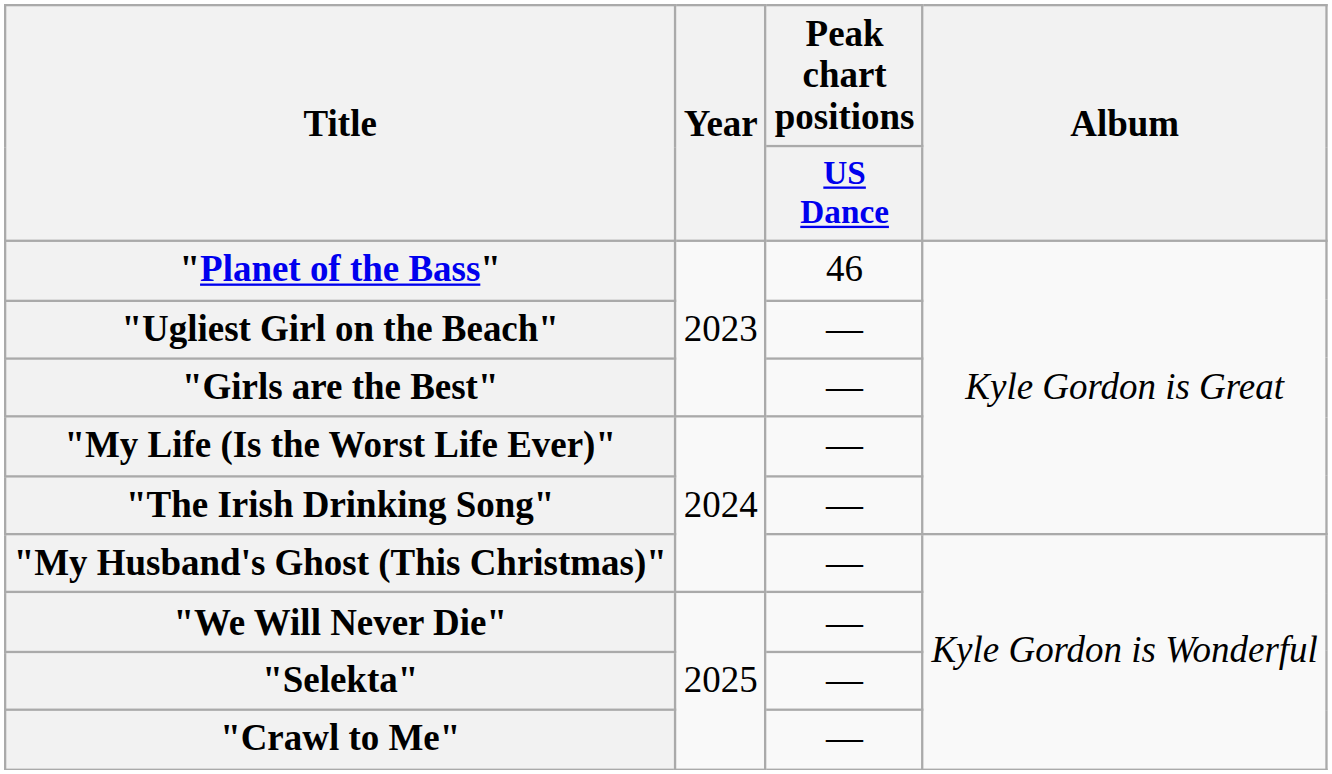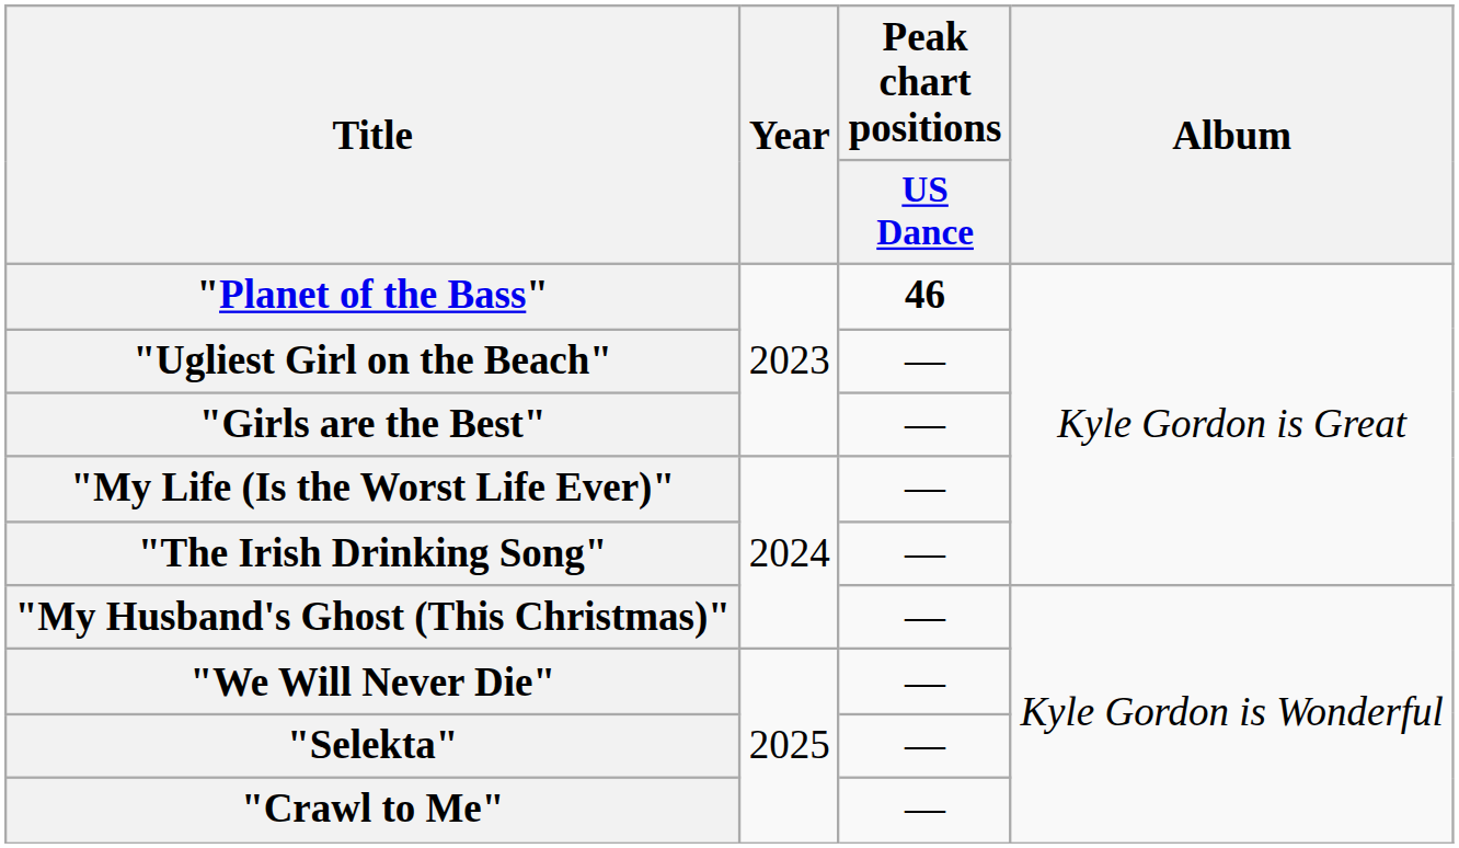 <table class="wikitable plainrowheaders" style="text-align:center">
 <tr>
 <th rowspan="2">Title</th>
 <th rowspan="2">Year</th>
 <th>Peak chart positions</th>
 <th rowspan="2">Album</th>
 </tr>
 <tr>
 <th scope="col" style="width:3em;font-size:90%"><a href='#'>US<br>Dance</a><br></th>
 </tr>
 <tr>
 <th scope="row">"<a href='#'>Planet of the Bass</a>"<br></th>
 <td rowspan="3">2023</td>
-<td>46</td>
+<td><strong>46</strong></td>
 <td rowspan="5"><em>Kyle Gordon is Great</em></td>
 </tr>
 <tr>
 <th scope="row">"Ugliest Girl on the Beach"<br></th>
 <td>—</td>
 </tr>
 <tr>
 <th scope="row">"Girls are the Best"<br></th>
 <td>—</td>
 </tr>
 <tr>
 <th scope="row">"My Life (Is the Worst Life Ever)"<br></th>
 <td rowspan="3">2024</td>
 <td>—</td>
 </tr>
 <tr>
 <th scope="row">"The Irish Drinking Song"<br></th>
 <td>—</td>
 </tr>
 <tr>
 <th scope="row">"My Husband's Ghost (This Christmas)"<br></th>
 <td>—</td>
 <td rowspan="4"><em>Kyle Gordon is Wonderful</em></td>
 </tr>
 <tr>
 <th scope="row">"We Will Never Die"<br></th>
 <td rowspan="3">2025</td>
 <td>—</td>
 </tr>
 <tr>
 <th scope="row">"Selekta"<br></th>
 <td>—</td>
 </tr>
 <tr>
 <th scope="row">"Crawl to Me"<br></th>
 <td>—</td>
 </tr>
 </table>
